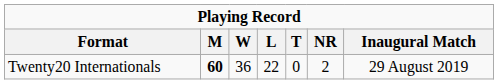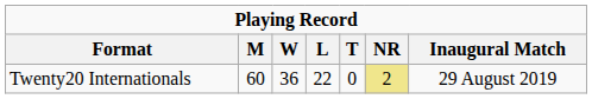 <table class="wikitable" style="text-align: center; width: 500px;">
 <tr>
 <td colspan=7 align="center"><strong>Playing Record</strong></td>
 </tr>
 <tr>
 <th>Format</th>
 <th>M</th>
 <th>W</th>
 <th>L</th>
 <th>T</th>
 <th>NR</th>
 <th>Inaugural Match</th>
 </tr>
 <tr>
 <td align="left">Twenty20 Internationals</td>
-<td><strong>60</strong></td>
+<td>60</td>
 <td>36</td>
 <td>22</td>
 <td>0</td>
-<td>2</td>
+<td style="background: khaki;">2</td>
 <td>29 August 2019</td>
 </tr>
 </table>
